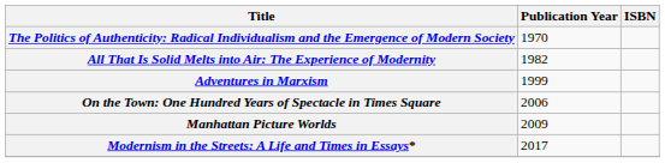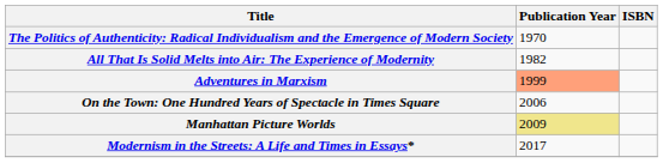 <table class="wikitable plainrowheaders sortable">
 <tr>
 <th scope="col">Title</th>
 <th scope="col">Publication Year</th>
 <th scope="col" class="unsortable">ISBN</th>
 </tr>
 <tr>
 <th scope=row><em><a href='#'>The Politics of Authenticity: Radical Individualism and the Emergence of Modern Society</a></em></th>
 <td>1970</td>
 <td></td>
 </tr>
 <tr>
 <th scope=row><em><a href='#'>All That Is Solid Melts into Air: The Experience of Modernity</a></em></th>
 <td>1982</td>
 <td></td>
 </tr>
 <tr>
 <th scope=row><em><a href='#'>Adventures in Marxism</a></em></th>
-<td>1999</td>
+<td style="background: lightsalmon;">1999</td>
 <td></td>
 </tr>
 <tr>
 <th scope=row><em>On the Town: One Hundred Years of Spectacle in Times Square</em></th>
 <td>2006</td>
 <td></td>
 </tr>
 <tr>
 <th scope=row><em>Manhattan Picture Worlds</em></th>
-<td>2009</td>
+<td style="background: khaki;">2009</td>
 <td></td>
 </tr>
 <tr>
 <th scope=row><em><a href='#'>Modernism in the Streets: A Life and Times in Essays</a></em>*</th>
 <td>2017</td>
 <td></td>
 </tr>
 <tr>
 </tr>
 </table>
